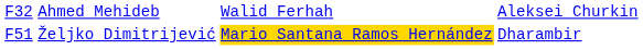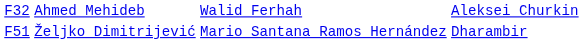 <table>
 <tr>
 <td><a href='#'>F32</a></td>
 <td><a href='#'>Ahmed Mehideb</a><br></td>
 <td><a href='#'>Walid Ferhah</a><br></td>
 <td><a href='#'>Aleksei Churkin</a><br></td>
 </tr>
 <tr>
 <td><a href='#'>F51</a></td>
 <td><a href='#'>Željko Dimitrijević</a><br></td>
-<td style="background: gold;"><a href='#'>Mario Santana Ramos Hernández</a><br></td>
+<td><a href='#'>Mario Santana Ramos Hernández</a><br></td>
 <td><a href='#'>Dharambir</a><br></td>
 </tr>
 </table>
